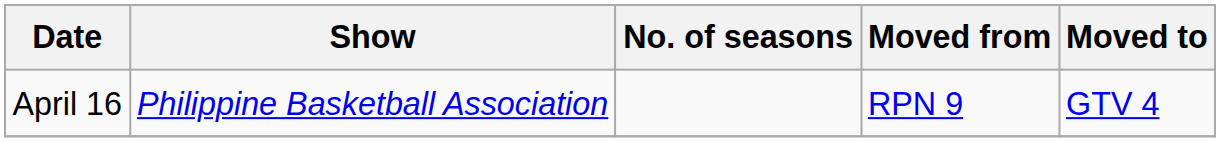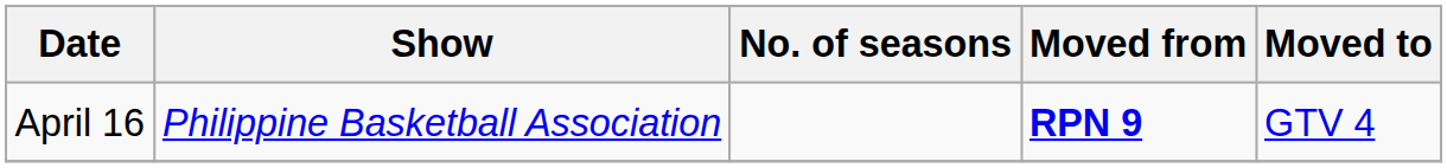 <table class="wikitable" style="text-align:left; line-height:25px; width:auto;">
 <tr>
 <th>Date</th>
 <th>Show</th>
 <th>No. of seasons</th>
 <th>Moved from</th>
 <th>Moved to</th>
 </tr>
 <tr>
 <td>April 16</td>
 <td><em><a href='#'>Philippine Basketball Association</a></em></td>
 <td></td>
-<td><a href='#'>RPN 9</a></td>
+<td><strong><a href='#'>RPN 9</a></strong></td>
 <td><a href='#'>GTV 4</a></td>
 </tr>
 <tr>
 </tr>
 </table>
